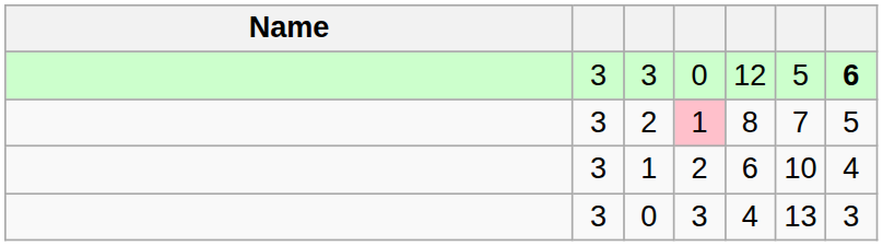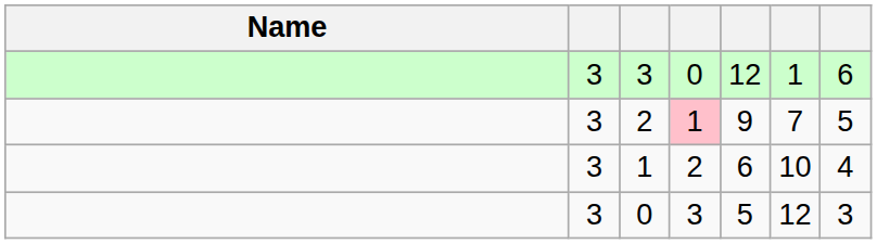 <table class=wikitable style="text-align:center">
 <tr>
 <th width=300>Name</th>
 <th width=20></th>
 <th width=20></th>
 <th width=20></th>
 <th width=20></th>
 <th width=20></th>
 <th width=20></th>
 </tr>
 <tr style="background-color:#ccffcc;">
 <td style="text-align:left;"></td>
 <td>3</td>
 <td>3</td>
 <td>0</td>
 <td>12</td>
-<td>5</td>
-<td><strong>6</strong></td>
+<td>1</td>
+<td>6</td>
 </tr>
 <tr>
 <td style="text-align:left;"></td>
 <td>3</td>
 <td>2</td>
 <td style="background: pink;">1</td>
-<td>8</td>
+<td>9</td>
 <td>7</td>
 <td>5</td>
 </tr>
 <tr>
 <td style="text-align:left;"></td>
 <td>3</td>
 <td>1</td>
 <td>2</td>
 <td>6</td>
 <td>10</td>
 <td>4</td>
 </tr>
 <tr>
 <td style="text-align:left;"></td>
 <td>3</td>
 <td>0</td>
 <td>3</td>
-<td>4</td>
-<td>13</td>
+<td>5</td>
+<td>12</td>
 <td>3</td>
 </tr>
 </table>
